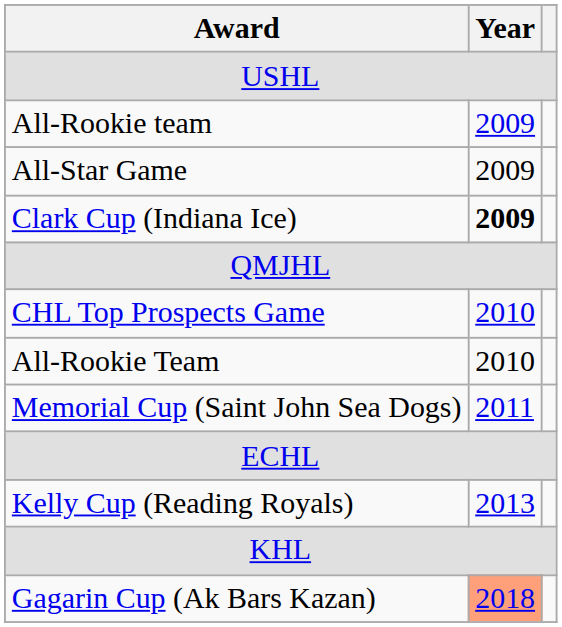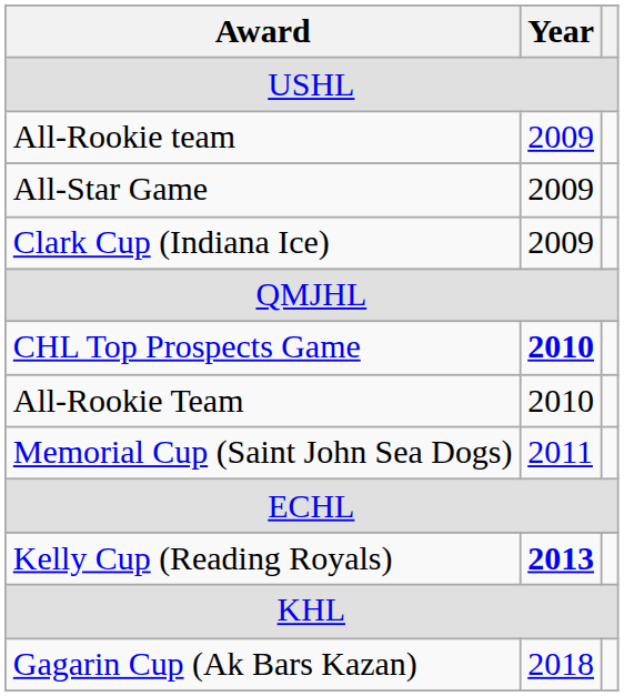 <table class="wikitable">
 <tr>
 <th>Award</th>
 <th>Year</th>
 <th></th>
 </tr>
 <tr ALIGN="center" bgcolor="#e0e0e0">
 <td colspan="3"><a href='#'>USHL</a></td>
 </tr>
 <tr>
 <td>All-Rookie team</td>
 <td><a href='#'>2009</a></td>
 <td></td>
 </tr>
 <tr>
 <td>All-Star Game</td>
 <td>2009</td>
 <td></td>
 </tr>
 <tr>
 <td><a href='#'>Clark Cup</a> (Indiana Ice)</td>
-<td><strong>2009</strong></td>
+<td>2009</td>
 <td></td>
 </tr>
 <tr ALIGN="center" bgcolor="#e0e0e0">
 <td colspan="3"><a href='#'>QMJHL</a></td>
 </tr>
 <tr>
 <td><a href='#'>CHL Top Prospects Game</a></td>
-<td><a href='#'>2010</a></td>
+<td><strong><a href='#'>2010</a></strong></td>
 <td></td>
 </tr>
 <tr>
 <td>All-Rookie Team</td>
 <td>2010</td>
 <td></td>
 </tr>
 <tr>
 <td><a href='#'>Memorial Cup</a> (Saint John Sea Dogs)</td>
 <td><a href='#'>2011</a></td>
 <td></td>
 </tr>
 <tr ALIGN="center" bgcolor="#e0e0e0">
 <td colspan="3"><a href='#'>ECHL</a></td>
 </tr>
 <tr>
 <td><a href='#'>Kelly Cup</a> (Reading Royals)</td>
-<td><a href='#'>2013</a></td>
+<td><strong><a href='#'>2013</a></strong></td>
 <td></td>
 </tr>
 <tr ALIGN="center" bgcolor="#e0e0e0">
 <td colspan="3"><a href='#'>KHL</a></td>
 </tr>
 <tr>
 <td><a href='#'>Gagarin Cup</a> (Ak Bars Kazan)</td>
-<td style="background: lightsalmon;"><a href='#'>2018</a></td>
+<td><a href='#'>2018</a></td>
 <td></td>
 </tr>
 </table>
